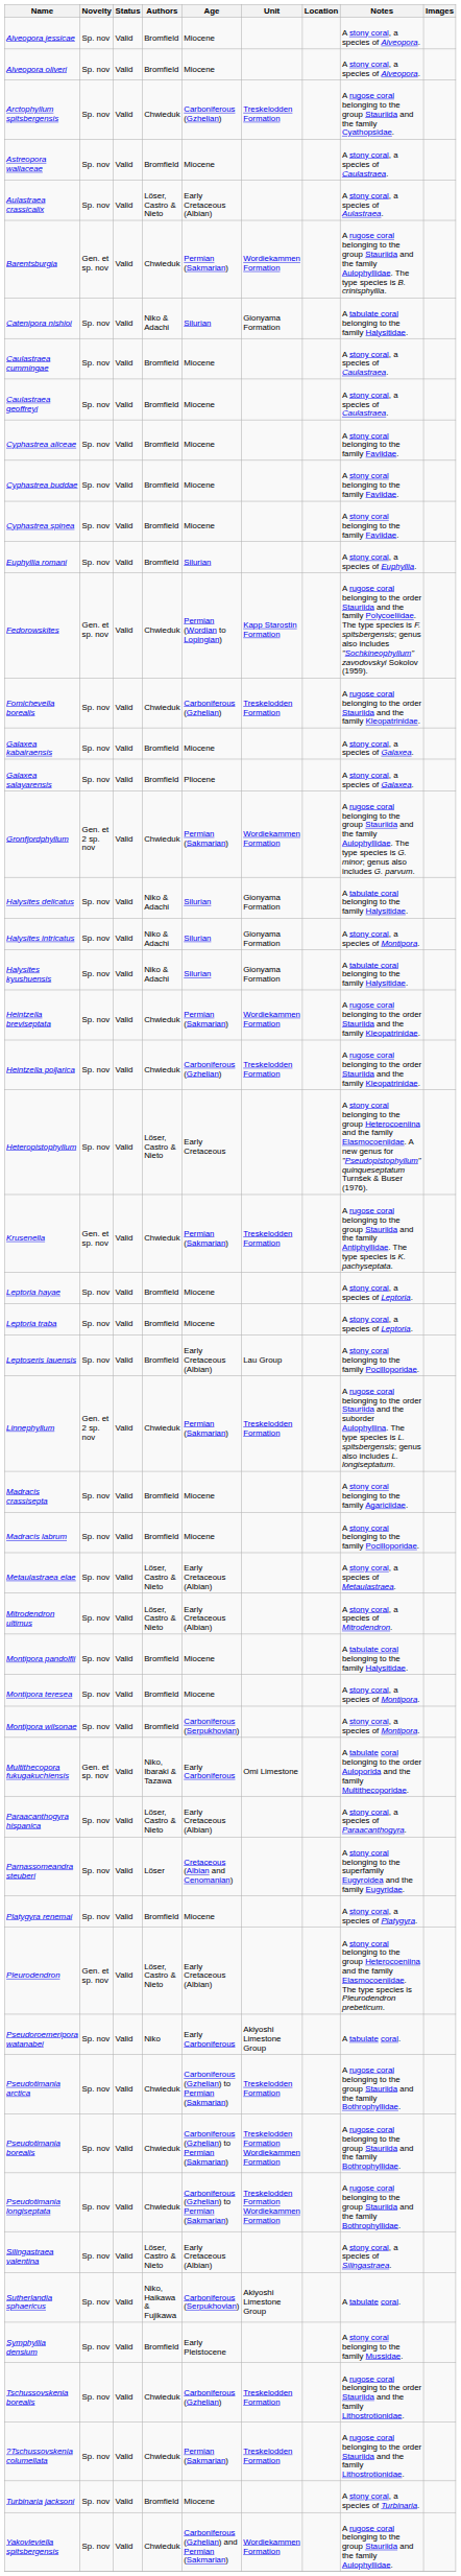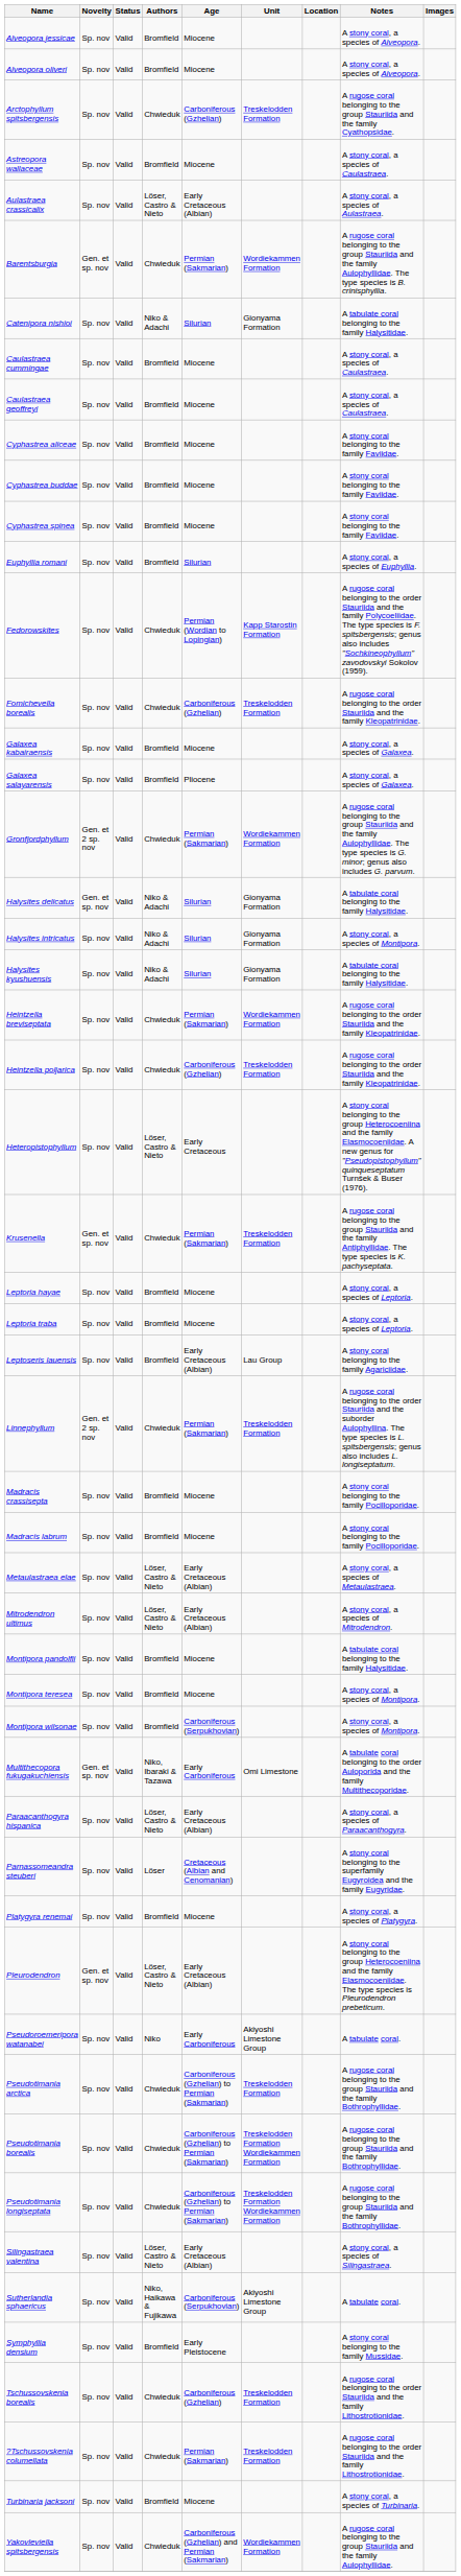 <table class="wikitable sortable" align="center" width="100%">
 <tr>
 <th>Name</th>
 <th>Novelty</th>
 <th>Status</th>
 <th>Authors</th>
 <th>Age</th>
 <th>Unit</th>
 <th>Location</th>
 <th>Notes</th>
 <th>Images</th>
 </tr>
 <tr>
 <td><br><em><a href='#'>Alveopora jessicae</a></em></td>
 <td><br>Sp. nov</td>
 <td><br>Valid</td>
 <td><br>Bromfield</td>
 <td><br>Miocene</td>
 <td></td>
 <td><br></td>
 <td><br>A <a href='#'>stony coral</a>, a species of <em><a href='#'>Alveopora</a></em>.</td>
 <td></td>
 </tr>
 <tr>
 <td><br><em><a href='#'>Alveopora oliveri</a></em></td>
 <td><br>Sp. nov</td>
 <td><br>Valid</td>
 <td><br>Bromfield</td>
 <td><br>Miocene</td>
 <td></td>
 <td><br></td>
 <td><br>A <a href='#'>stony coral</a>, a species of <em><a href='#'>Alveopora</a></em>.</td>
 <td></td>
 </tr>
 <tr>
 <td><br><em><a href='#'>Arctophyllum spitsbergensis</a></em></td>
 <td><br>Sp. nov</td>
 <td><br>Valid</td>
 <td><br>Chwieduk</td>
 <td><br><a href='#'>Carboniferous</a> (<a href='#'>Gzhelian</a>)</td>
 <td><br><a href='#'>Treskelodden Formation</a></td>
 <td><br></td>
 <td><br>A <a href='#'>rugose coral</a> belonging to the group <a href='#'>Stauriida</a> and the family <a href='#'>Cyathopsidae</a>.</td>
 <td></td>
 </tr>
 <tr>
 <td><br><em><a href='#'>Astreopora wallaceae</a></em></td>
 <td><br>Sp. nov</td>
 <td><br>Valid</td>
 <td><br>Bromfield</td>
 <td><br>Miocene</td>
 <td></td>
 <td><br></td>
 <td><br>A <a href='#'>stony coral</a>, a species of <em><a href='#'>Caulastraea</a></em>.</td>
 <td></td>
 </tr>
 <tr>
 <td><br><em><a href='#'>Aulastraea crassicalix</a></em></td>
 <td><br>Sp. nov</td>
 <td><br>Valid</td>
 <td><br>Löser, Castro & Nieto</td>
 <td><br>Early Cretaceous (Albian)</td>
 <td></td>
 <td><br></td>
 <td><br>A <a href='#'>stony coral</a>, a species of <em><a href='#'>Aulastraea</a></em>.</td>
 <td></td>
 </tr>
 <tr>
 <td><br><em><a href='#'>Barentsburgia</a></em></td>
 <td><br>Gen. et sp. nov</td>
 <td><br>Valid</td>
 <td><br>Chwieduk</td>
 <td><br><a href='#'>Permian</a> (<a href='#'>Sakmarian</a>)</td>
 <td><br><a href='#'>Wordiekammen Formation</a></td>
 <td><br></td>
 <td><br>A <a href='#'>rugose coral</a> belonging to the group <a href='#'>Stauriida</a> and the family <a href='#'>Aulophyllidae</a>. The type species is <em>B. crinisphyllia</em>.</td>
 <td></td>
 </tr>
 <tr>
 <td><br><em><a href='#'>Catenipora nishioi</a></em></td>
 <td><br>Sp. nov</td>
 <td><br>Valid</td>
 <td><br>Niko & Adachi</td>
 <td><br><a href='#'>Silurian</a></td>
 <td><br>Gionyama Formation</td>
 <td><br></td>
 <td><br>A <a href='#'>tabulate coral</a> belonging to the family <a href='#'>Halysitidae</a>.</td>
 <td></td>
 </tr>
 <tr>
 <td><br><em><a href='#'>Caulastraea cummingae</a></em></td>
 <td><br>Sp. nov</td>
 <td><br>Valid</td>
 <td><br>Bromfield</td>
 <td><br>Miocene</td>
 <td></td>
 <td><br><br> </td>
 <td><br>A <a href='#'>stony coral</a>, a species of <em><a href='#'>Caulastraea</a></em>.</td>
 <td></td>
 </tr>
 <tr>
 <td><br><em><a href='#'>Caulastraea geoffreyi</a></em></td>
 <td><br>Sp. nov</td>
 <td><br>Valid</td>
 <td><br>Bromfield</td>
 <td><br>Miocene</td>
 <td></td>
 <td><br></td>
 <td><br>A <a href='#'>stony coral</a>, a species of <em><a href='#'>Caulastraea</a></em>.</td>
 <td></td>
 </tr>
 <tr>
 <td><br><em><a href='#'>Cyphastrea aliceae</a></em></td>
 <td><br>Sp. nov</td>
 <td><br>Valid</td>
 <td><br>Bromfield</td>
 <td><br>Miocene</td>
 <td></td>
 <td><br></td>
 <td><br>A <a href='#'>stony coral</a> belonging to the family <a href='#'>Faviidae</a>.</td>
 <td></td>
 </tr>
 <tr>
 <td><br><em><a href='#'>Cyphastrea buddae</a></em></td>
 <td><br>Sp. nov</td>
 <td><br>Valid</td>
 <td><br>Bromfield</td>
 <td><br>Miocene</td>
 <td></td>
 <td><br></td>
 <td><br>A <a href='#'>stony coral</a> belonging to the family <a href='#'>Faviidae</a>.</td>
 <td></td>
 </tr>
 <tr>
 <td><br><em><a href='#'>Cyphastrea spinea</a></em></td>
 <td><br>Sp. nov</td>
 <td><br>Valid</td>
 <td><br>Bromfield</td>
 <td><br>Miocene</td>
 <td></td>
 <td><br></td>
 <td><br>A <a href='#'>stony coral</a> belonging to the family <a href='#'>Faviidae</a>.</td>
 <td></td>
 </tr>
 <tr>
 <td><br><em><a href='#'>Euphyllia romani</a></em></td>
 <td><br>Sp. nov</td>
 <td><br>Valid</td>
 <td><br>Bromfield</td>
 <td><br><a href='#'>Silurian</a></td>
 <td></td>
 <td><br></td>
 <td><br>A <a href='#'>stony coral</a>, a species of <em><a href='#'>Euphyllia</a></em>.</td>
 <td></td>
 </tr>
 <tr>
 <td><br><em><a href='#'>Fedorowskites</a></em></td>
-<td><br>Gen. et sp. nov</td>
+<td><br>Sp. nov</td>
 <td><br>Valid</td>
 <td><br>Chwieduk</td>
 <td><br><a href='#'>Permian</a> (<a href='#'>Wordian</a> to <a href='#'>Lopingian</a>)</td>
 <td><br><a href='#'>Kapp Starostin Formation</a></td>
 <td><br><br> </td>
 <td><br>A <a href='#'>rugose coral</a> belonging to the order <a href='#'>Stauriida</a> and the family <a href='#'>Polycoeliidae</a>. The type species is <em>F. spitsbergensis</em>; genus also includes <em>"<a href='#'>Sochkineophyllum</a>" zavodovskyi</em> Sokolov (1959).</td>
 <td></td>
 </tr>
 <tr>
 <td><br><em><a href='#'>Fomichevella borealis</a></em></td>
 <td><br>Sp. nov</td>
 <td><br>Valid</td>
 <td><br>Chwieduk</td>
 <td><br><a href='#'>Carboniferous</a> (<a href='#'>Gzhelian</a>)</td>
 <td><br><a href='#'>Treskelodden Formation</a></td>
 <td><br></td>
 <td><br>A <a href='#'>rugose coral</a> belonging to the order <a href='#'>Stauriida</a> and the family <a href='#'>Kleopatrinidae</a>.</td>
 <td></td>
 </tr>
 <tr>
 <td><br><em><a href='#'>Galaxea kabairaensis</a></em></td>
 <td><br>Sp. nov</td>
 <td><br>Valid</td>
 <td><br>Bromfield</td>
 <td><br>Miocene</td>
 <td></td>
 <td><br></td>
 <td><br>A <a href='#'>stony coral</a>, a species of <em><a href='#'>Galaxea</a></em>.</td>
 <td></td>
 </tr>
 <tr>
 <td><br><em><a href='#'>Galaxea salayarensis</a></em></td>
 <td><br>Sp. nov</td>
 <td><br>Valid</td>
 <td><br>Bromfield</td>
 <td><br>Pliocene</td>
 <td></td>
 <td><br></td>
 <td><br>A <a href='#'>stony coral</a>, a species of <em><a href='#'>Galaxea</a></em>.</td>
 <td></td>
 </tr>
 <tr>
 <td><br><em><a href='#'>Gronfjordphyllum</a></em></td>
 <td><br>Gen. et 2 sp. nov</td>
 <td><br>Valid</td>
 <td><br>Chwieduk</td>
 <td><br><a href='#'>Permian</a> (<a href='#'>Sakmarian</a>)</td>
 <td><br><a href='#'>Wordiekammen Formation</a></td>
 <td><br></td>
 <td><br>A <a href='#'>rugose coral</a> belonging to the group <a href='#'>Stauriida</a> and the family <a href='#'>Aulophyllidae</a>. The type species is <em>G. minor</em>; genus also includes <em>G. parvum</em>.</td>
 <td></td>
 </tr>
 <tr>
 <td><br><em><a href='#'>Halysites delicatus</a></em></td>
-<td><br>Sp. nov</td>
+<td><br>Gen. et sp. nov</td>
 <td><br>Valid</td>
 <td><br>Niko & Adachi</td>
 <td><br><a href='#'>Silurian</a></td>
 <td><br>Gionyama Formation</td>
 <td><br></td>
 <td><br>A <a href='#'>tabulate coral</a> belonging to the family <a href='#'>Halysitidae</a>.</td>
 <td></td>
 </tr>
 <tr>
 <td><br><em><a href='#'>Halysites intricatus</a></em></td>
 <td><br>Sp. nov</td>
 <td><br>Valid</td>
 <td><br>Niko & Adachi</td>
 <td><br><a href='#'>Silurian</a></td>
 <td><br>Gionyama Formation</td>
 <td><br></td>
 <td><br>A <a href='#'>stony coral</a>, a species of <em><a href='#'>Montipora</a></em>.</td>
 <td></td>
 </tr>
 <tr>
 <td><br><em><a href='#'>Halysites kyushuensis</a></em></td>
 <td><br>Sp. nov</td>
 <td><br>Valid</td>
 <td><br>Niko & Adachi</td>
 <td><br><a href='#'>Silurian</a></td>
 <td><br>Gionyama Formation</td>
 <td><br></td>
 <td><br>A <a href='#'>tabulate coral</a> belonging to the family <a href='#'>Halysitidae</a>.</td>
 <td></td>
 </tr>
 <tr>
 <td><br><em><a href='#'>Heintzella breviseptata</a></em></td>
 <td><br>Sp. nov</td>
 <td><br>Valid</td>
 <td><br>Chwieduk</td>
 <td><br><a href='#'>Permian</a> (<a href='#'>Sakmarian</a>)</td>
 <td><br><a href='#'>Wordiekammen Formation</a></td>
 <td><br></td>
 <td><br>A <a href='#'>rugose coral</a> belonging to the order <a href='#'>Stauriida</a> and the family <a href='#'>Kleopatrinidae</a>.</td>
 <td></td>
 </tr>
 <tr>
 <td><br><em><a href='#'>Heintzella poljarica</a></em></td>
 <td><br>Sp. nov</td>
 <td><br>Valid</td>
 <td><br>Chwieduk</td>
 <td><br><a href='#'>Carboniferous</a> (<a href='#'>Gzhelian</a>)</td>
 <td><br><a href='#'>Treskelodden Formation</a></td>
 <td><br></td>
 <td><br>A <a href='#'>rugose coral</a> belonging to the order <a href='#'>Stauriida</a> and the family <a href='#'>Kleopatrinidae</a>.</td>
 <td></td>
 </tr>
 <tr>
 <td><br><em><a href='#'>Heteropistophyllum</a></em></td>
 <td><br>Sp. nov</td>
 <td><br>Valid</td>
 <td><br>Löser, Castro & Nieto</td>
 <td><br>Early Cretaceous</td>
 <td></td>
 <td><br><br> </td>
 <td><br>A <a href='#'>stony coral</a> belonging to the group <a href='#'>Heterocoeniina</a> and the family <a href='#'>Elasmocoeniidae</a>. A new genus for <em>"<a href='#'>Pseudopistophyllum</a>" quinqueseptatum</em> Turnšek & Buser (1976).</td>
 <td></td>
 </tr>
 <tr>
 <td><br><em><a href='#'>Krusenella</a></em></td>
 <td><br>Gen. et sp. nov</td>
 <td><br>Valid</td>
 <td><br>Chwieduk</td>
 <td><br><a href='#'>Permian</a> (<a href='#'>Sakmarian</a>)</td>
 <td><br><a href='#'>Treskelodden Formation</a></td>
 <td><br></td>
 <td><br>A <a href='#'>rugose coral</a> belonging to the group <a href='#'>Stauriida</a> and the family <a href='#'>Antiphyllidae</a>. The type species is <em>K. pachyseptata</em>.</td>
 <td></td>
 </tr>
 <tr>
 <td><br><em><a href='#'>Leptoria hayae</a></em></td>
 <td><br>Sp. nov</td>
 <td><br>Valid</td>
 <td><br>Bromfield</td>
 <td><br>Miocene</td>
 <td></td>
 <td><br></td>
 <td><br>A <a href='#'>stony coral</a>, a species of <em><a href='#'>Leptoria</a></em>.</td>
 <td></td>
 </tr>
 <tr>
 <td><br><em><a href='#'>Leptoria traba</a></em></td>
 <td><br>Sp. nov</td>
 <td><br>Valid</td>
 <td><br>Bromfield</td>
 <td><br>Miocene</td>
 <td></td>
 <td><br></td>
 <td><br>A <a href='#'>stony coral</a>, a species of <em><a href='#'>Leptoria</a></em>.</td>
 <td></td>
 </tr>
 <tr>
 <td><br><em><a href='#'>Leptoseris lauensis</a></em></td>
 <td><br>Sp. nov</td>
 <td><br>Valid</td>
 <td><br>Bromfield</td>
 <td><br>Early Cretaceous (Albian)</td>
 <td><br>Lau Group</td>
 <td><br></td>
-<td><br>A <a href='#'>stony coral</a> belonging to the family <a href='#'>Pocilloporidae</a>.</td>
+<td><br>A <a href='#'>stony coral</a> belonging to the family <a href='#'>Agariciidae</a>.</td>
 <td></td>
 </tr>
 <tr>
 <td><br><em><a href='#'>Linnephyllum</a></em></td>
 <td><br>Gen. et 2 sp. nov</td>
 <td><br>Valid</td>
 <td><br>Chwieduk</td>
 <td><br><a href='#'>Permian</a> (<a href='#'>Sakmarian</a>)</td>
 <td><br><a href='#'>Treskelodden Formation</a></td>
 <td><br></td>
 <td><br>A <a href='#'>rugose coral</a> belonging to the order <a href='#'>Stauriida</a> and the suborder <a href='#'>Aulophyllina</a>. The type species is <em>L. spitsbergensis</em>; genus also includes <em>L. longiseptatum</em>.</td>
 <td></td>
 </tr>
 <tr>
 <td><br><em><a href='#'>Madracis crassisepta</a></em></td>
 <td><br>Sp. nov</td>
 <td><br>Valid</td>
 <td><br>Bromfield</td>
 <td><br>Miocene</td>
 <td></td>
 <td><br></td>
-<td><br>A <a href='#'>stony coral</a> belonging to the family <a href='#'>Agariciidae</a>.</td>
+<td><br>A <a href='#'>stony coral</a> belonging to the family <a href='#'>Pocilloporidae</a>.</td>
 <td></td>
 </tr>
 <tr>
 <td><br><em><a href='#'>Madracis labrum</a></em></td>
 <td><br>Sp. nov</td>
 <td><br>Valid</td>
 <td><br>Bromfield</td>
 <td><br>Miocene</td>
 <td></td>
 <td><br></td>
 <td><br>A <a href='#'>stony coral</a> belonging to the family <a href='#'>Pocilloporidae</a>.</td>
 <td></td>
 </tr>
 <tr>
 <td><br><em><a href='#'>Metaulastraea elae</a></em></td>
 <td><br>Sp. nov</td>
 <td><br>Valid</td>
 <td><br>Löser, Castro & Nieto</td>
 <td><br>Early Cretaceous (Albian)</td>
 <td></td>
 <td><br></td>
 <td><br>A <a href='#'>stony coral</a>, a species of <em><a href='#'>Metaulastraea</a></em>.</td>
 <td></td>
 </tr>
 <tr>
 <td><br><em><a href='#'>Mitrodendron ultimus</a></em></td>
 <td><br>Sp. nov</td>
 <td><br>Valid</td>
 <td><br>Löser, Castro & Nieto</td>
 <td><br>Early Cretaceous (Albian)</td>
 <td></td>
 <td><br></td>
 <td><br>A <a href='#'>stony coral</a>, a species of <em><a href='#'>Mitrodendron</a></em>.</td>
 <td></td>
 </tr>
 <tr>
 <td><br><em><a href='#'>Montipora pandolfii</a></em></td>
 <td><br>Sp. nov</td>
 <td><br>Valid</td>
 <td><br>Bromfield</td>
 <td><br>Miocene</td>
 <td></td>
 <td><br></td>
 <td><br>A <a href='#'>tabulate coral</a> belonging to the family <a href='#'>Halysitidae</a>.</td>
 <td></td>
 </tr>
 <tr>
 <td><br><em><a href='#'>Montipora teresea</a></em></td>
 <td><br>Sp. nov</td>
 <td><br>Valid</td>
 <td><br>Bromfield</td>
 <td><br>Miocene</td>
 <td></td>
 <td><br></td>
 <td><br>A <a href='#'>stony coral</a>, a species of <em><a href='#'>Montipora</a></em>.</td>
 <td></td>
 </tr>
 <tr>
 <td><br><em><a href='#'>Montipora wilsonae</a></em></td>
 <td><br>Sp. nov</td>
 <td><br>Valid</td>
 <td><br>Bromfield</td>
 <td><br><a href='#'>Carboniferous</a> (<a href='#'>Serpukhovian</a>)</td>
 <td></td>
 <td><br></td>
 <td><br>A <a href='#'>stony coral</a>, a species of <em><a href='#'>Montipora</a></em>.</td>
 <td></td>
 </tr>
 <tr>
 <td><br><em><a href='#'>Multithecopora fukugakuchiensis</a></em></td>
 <td><br>Gen. et sp. nov</td>
 <td><br>Valid</td>
 <td><br>Niko, Ibaraki & Tazawa</td>
 <td><br>Early <a href='#'>Carboniferous</a></td>
 <td><br>Omi Limestone</td>
 <td><br></td>
 <td><br>A <a href='#'>tabulate</a> <a href='#'>coral</a> belonging to the order <a href='#'>Auloporida</a> and the family <a href='#'>Multithecoporidae</a>.</td>
 <td></td>
 </tr>
 <tr>
 <td><br><em><a href='#'>Paraacanthogyra hispanica</a></em></td>
 <td><br>Sp. nov</td>
 <td><br>Valid</td>
 <td><br>Löser, Castro & Nieto</td>
 <td><br>Early Cretaceous (Albian)</td>
 <td></td>
 <td><br></td>
 <td><br>A <a href='#'>stony coral</a>, a species of <em><a href='#'>Paraacanthogyra</a></em>.</td>
 <td></td>
 </tr>
 <tr>
 <td><br><em><a href='#'>Parnassomeandra steuberi</a></em></td>
 <td><br>Sp. nov</td>
 <td><br>Valid</td>
 <td><br>Löser</td>
 <td><br><a href='#'>Cretaceous</a> (<a href='#'>Albian</a> and <a href='#'>Cenomanian</a>)</td>
 <td></td>
 <td><br><br> </td>
 <td><br>A <a href='#'>stony coral</a> belonging to the superfamily <a href='#'>Eugyroidea</a> and the family <a href='#'>Eugyridae</a>.</td>
 <td></td>
 </tr>
 <tr>
 <td><br><em><a href='#'>Platygyra renemai</a></em></td>
 <td><br>Sp. nov</td>
 <td><br>Valid</td>
 <td><br>Bromfield</td>
 <td><br>Miocene</td>
 <td></td>
 <td><br></td>
 <td><br>A <a href='#'>stony coral</a>, a species of <em><a href='#'>Platygyra</a></em>.</td>
 <td></td>
 </tr>
 <tr>
 <td><br><em><a href='#'>Pleurodendron</a></em></td>
 <td><br>Gen. et sp. nov</td>
 <td><br>Valid</td>
 <td><br>Löser, Castro & Nieto</td>
 <td><br>Early Cretaceous (Albian)</td>
 <td></td>
 <td><br></td>
 <td><br>A <a href='#'>stony coral</a> belonging to the group <a href='#'>Heterocoeniina</a> and the family <a href='#'>Elasmocoeniidae</a>. The type species is <em>Pleurodendron prebeticum</em>.</td>
 <td></td>
 </tr>
 <tr>
 <td><br><em><a href='#'>Pseudoroemeripora watanabei</a></em></td>
 <td><br>Sp. nov</td>
 <td><br>Valid</td>
 <td><br>Niko</td>
 <td><br>Early <a href='#'>Carboniferous</a></td>
 <td><br>Akiyoshi Limestone Group</td>
 <td><br></td>
 <td><br>A <a href='#'>tabulate</a> <a href='#'>coral</a>.</td>
 <td></td>
 </tr>
 <tr>
 <td><br><em><a href='#'>Pseudotimania arctica</a></em></td>
 <td><br>Sp. nov</td>
 <td><br>Valid</td>
 <td><br>Chwieduk</td>
 <td><br><a href='#'>Carboniferous</a> (<a href='#'>Gzhelian</a>) to <a href='#'>Permian</a> (<a href='#'>Sakmarian</a>)</td>
 <td><br><a href='#'>Treskelodden Formation</a></td>
 <td><br></td>
 <td><br>A <a href='#'>rugose coral</a> belonging to the group <a href='#'>Stauriida</a> and the family <a href='#'>Bothrophyllidae</a>.</td>
 <td></td>
 </tr>
 <tr>
 <td><br><em><a href='#'>Pseudotimania borealis</a></em></td>
 <td><br>Sp. nov</td>
 <td><br>Valid</td>
 <td><br>Chwieduk</td>
 <td><br><a href='#'>Carboniferous</a> (<a href='#'>Gzhelian</a>) to <a href='#'>Permian</a> (<a href='#'>Sakmarian</a>)</td>
 <td><br><a href='#'>Treskelodden Formation</a><br> <a href='#'>Wordiekammen Formation</a></td>
 <td><br></td>
 <td><br>A <a href='#'>rugose coral</a> belonging to the group <a href='#'>Stauriida</a> and the family <a href='#'>Bothrophyllidae</a>.</td>
 <td></td>
 </tr>
 <tr>
 <td><br><em><a href='#'>Pseudotimania longiseptata</a></em></td>
 <td><br>Sp. nov</td>
 <td><br>Valid</td>
 <td><br>Chwieduk</td>
 <td><br><a href='#'>Carboniferous</a> (<a href='#'>Gzhelian</a>) to <a href='#'>Permian</a> (<a href='#'>Sakmarian</a>)</td>
 <td><br><a href='#'>Treskelodden Formation</a><br> <a href='#'>Wordiekammen Formation</a></td>
 <td><br></td>
 <td><br>A <a href='#'>rugose coral</a> belonging to the group <a href='#'>Stauriida</a> and the family <a href='#'>Bothrophyllidae</a>.</td>
 <td></td>
 </tr>
 <tr>
 <td><br><em><a href='#'>Silingastraea valentina</a></em></td>
 <td><br>Sp. nov</td>
 <td><br>Valid</td>
 <td><br>Löser, Castro & Nieto</td>
 <td><br>Early Cretaceous (Albian)</td>
 <td></td>
 <td><br></td>
 <td><br>A <a href='#'>stony coral</a>, a species of <em><a href='#'>Silingastraea</a></em>.</td>
 <td></td>
 </tr>
 <tr>
 <td><br><em><a href='#'>Sutherlandia sphaericus</a></em></td>
 <td><br>Sp. nov</td>
 <td><br>Valid</td>
 <td><br>Niko, Haikawa & Fujikawa</td>
 <td><br><a href='#'>Carboniferous</a> (<a href='#'>Serpukhovian</a>)</td>
 <td><br>Akiyoshi Limestone Group</td>
 <td><br></td>
 <td><br>A <a href='#'>tabulate</a> <a href='#'>coral</a>.</td>
 <td></td>
 </tr>
 <tr>
 <td><br><em><a href='#'>Symphyllia densium</a></em></td>
 <td><br>Sp. nov</td>
 <td><br>Valid</td>
 <td><br>Bromfield</td>
 <td><br>Early Pleistocene</td>
 <td></td>
 <td><br></td>
 <td><br>A <a href='#'>stony coral</a> belonging to the family <a href='#'>Mussidae</a>.</td>
 <td></td>
 </tr>
 <tr>
 <td><br><em><a href='#'>Tschussovskenia borealis</a></em></td>
 <td><br>Sp. nov</td>
 <td><br>Valid</td>
 <td><br>Chwieduk</td>
 <td><br><a href='#'>Carboniferous</a> (<a href='#'>Gzhelian</a>)</td>
 <td><br><a href='#'>Treskelodden Formation</a></td>
 <td><br></td>
 <td><br>A <a href='#'>rugose coral</a> belonging to the order <a href='#'>Stauriida</a> and the family <a href='#'>Lithostrotionidae</a>.</td>
 <td></td>
 </tr>
 <tr>
 <td><br><em><a href='#'>?Tschussovskenia columellata</a></em></td>
 <td><br>Sp. nov</td>
 <td><br>Valid</td>
 <td><br>Chwieduk</td>
 <td><br><a href='#'>Permian</a> (<a href='#'>Sakmarian</a>)</td>
 <td><br><a href='#'>Treskelodden Formation</a></td>
 <td><br></td>
 <td><br>A <a href='#'>rugose coral</a> belonging to the order <a href='#'>Stauriida</a> and the family <a href='#'>Lithostrotionidae</a>.</td>
 <td></td>
 </tr>
 <tr>
 <td><br><em><a href='#'>Turbinaria jacksoni</a></em></td>
 <td><br>Sp. nov</td>
 <td><br>Valid</td>
 <td><br>Bromfield</td>
 <td><br>Miocene</td>
 <td></td>
 <td><br></td>
 <td><br>A <a href='#'>stony coral</a>, a species of <em><a href='#'>Turbinaria</a></em>.</td>
 <td></td>
 </tr>
 <tr>
 <td><br><em><a href='#'>Yakovleviella spitsbergensis</a></em></td>
 <td><br>Sp. nov</td>
 <td><br>Valid</td>
 <td><br>Chwieduk</td>
 <td><br><a href='#'>Carboniferous</a> (<a href='#'>Gzhelian</a>) and <a href='#'>Permian</a> (<a href='#'>Sakmarian</a>)</td>
 <td><br><a href='#'>Wordiekammen Formation</a></td>
 <td><br></td>
 <td><br>A <a href='#'>rugose coral</a> belonging to the group <a href='#'>Stauriida</a> and the family <a href='#'>Aulophyllidae</a>.</td>
 <td></td>
 </tr>
 <tr>
 </tr>
 </table>
